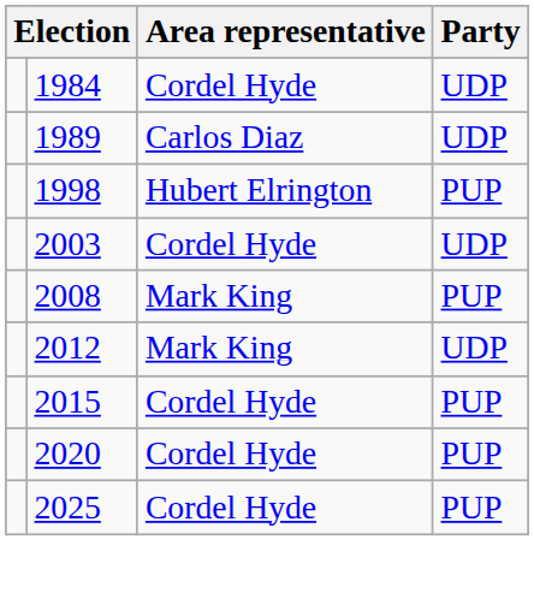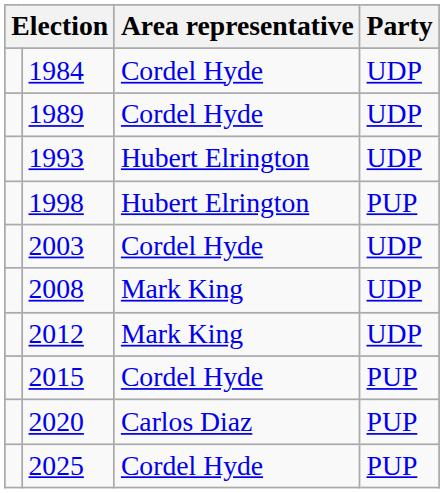 <table class="wikitable">
 <tr>
 <th colspan="2">Election</th>
 <th>Area representative</th>
 <th>Party</th>
 </tr>
 <tr>
 <td style="background-color: "></td>
 <td><a href='#'>1984</a></td>
 <td><a href='#'>Cordel Hyde</a></td>
 <td><a href='#'>UDP</a></td>
 </tr>
 <tr>
 <td style="background-color: "></td>
 <td><a href='#'>1989</a></td>
-<td><a href='#'>Carlos Diaz</a></td>
+<td><a href='#'>Cordel Hyde</a></td>
+<td><a href='#'>UDP</a></td>
+</tr>
+<tr>
+<td style="background-color: "></td>
+<td><a href='#'>1993</a></td>
+<td><a href='#'>Hubert Elrington</a></td>
 <td><a href='#'>UDP</a></td>
 </tr>
 <tr>
 <td style="background-color: "></td>
 <td><a href='#'>1998</a></td>
 <td><a href='#'>Hubert Elrington</a></td>
 <td><a href='#'>PUP</a></td>
 </tr>
 <tr>
 <td style="background-color: "></td>
 <td><a href='#'>2003</a></td>
 <td><a href='#'>Cordel Hyde</a></td>
 <td><a href='#'>UDP</a></td>
 </tr>
 <tr>
 <td style="background-color: "></td>
 <td><a href='#'>2008</a></td>
 <td><a href='#'>Mark King</a></td>
-<td><a href='#'>PUP</a></td>
+<td><a href='#'>UDP</a></td>
 </tr>
 <tr>
 <td style="background-color: "></td>
 <td><a href='#'>2012</a></td>
 <td><a href='#'>Mark King</a></td>
 <td><a href='#'>UDP</a></td>
 </tr>
 <tr>
 <td style="background-color: "></td>
 <td><a href='#'>2015</a></td>
 <td><a href='#'>Cordel Hyde</a></td>
 <td><a href='#'>PUP</a></td>
 </tr>
 <tr>
 <td style="background-color: "></td>
 <td><a href='#'>2020</a></td>
-<td><a href='#'>Cordel Hyde</a></td>
+<td><a href='#'>Carlos Diaz</a></td>
 <td><a href='#'>PUP</a></td>
 </tr>
 <tr>
 <td style="background-color: "></td>
 <td><a href='#'>2025</a></td>
 <td><a href='#'>Cordel Hyde</a></td>
 <td><a href='#'>PUP</a></td>
 </tr>
 </table>
